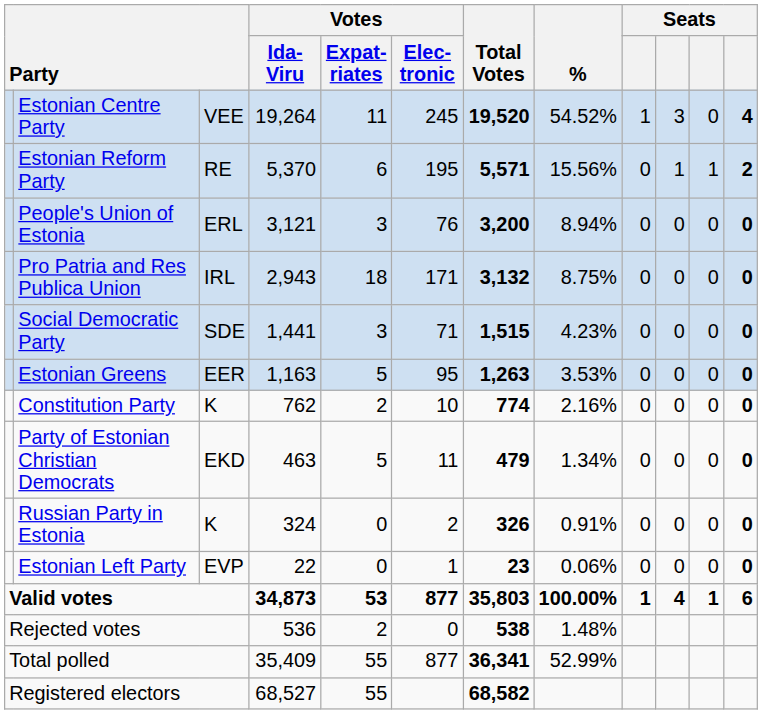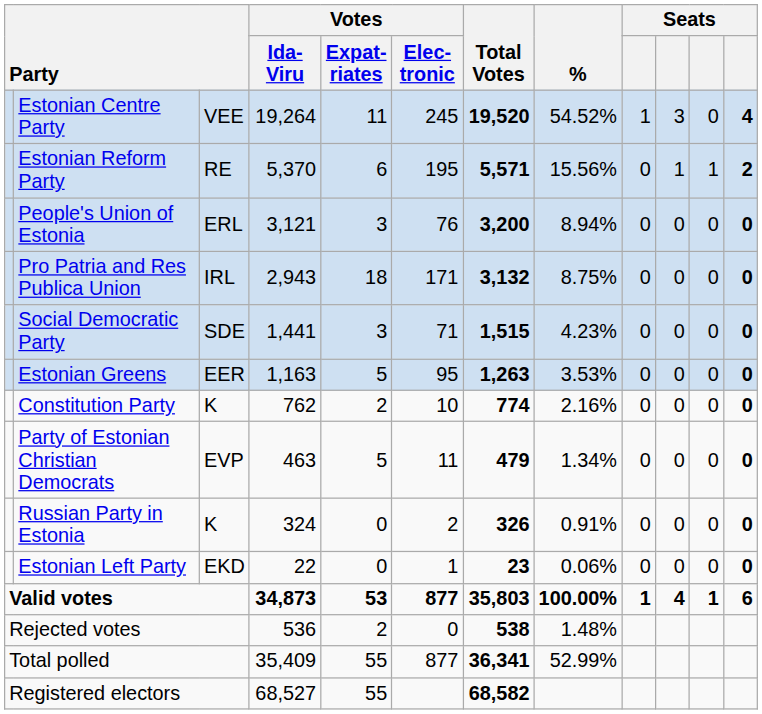 <table class="wikitable" border="1" style="text-align:right;">
 <tr>
 <th style="text-align:left;" valign=bottom rowspan=2 colspan=3>Party</th>
 <th colspan=3>Votes</th>
 <th align=center valign=bottom rowspan=2 width="50">Total Votes</th>
 <th align=center valign=bottom rowspan=2 width="50">%</th>
 <th colspan=4>Seats</th>
 </tr>
 <tr>
 <th align=center valign=bottom width="50"><a href='#'>Ida- Viru</a></th>
 <th align=center valign=bottom width="50"><a href='#'>Expat- riates</a></th>
 <th align=center valign=bottom width="50"><a href='#'>Elec- tronic</a></th>
 <th align=center valign=bottom width="20"><small></small></th>
 <th align=center valign=bottom width="20"><small></small></th>
 <th align=center valign=bottom width="20"><small></small></th>
 <th align=center valign=bottom width="20"><small></small></th>
 </tr>
 <tr style="background:#CEE0F2;">
 <td style="background:"></td>
 <td align=left><a href='#'>Estonian Centre Party</a></td>
 <td align=left>VEE</td>
 <td>19,264</td>
 <td>11</td>
 <td>245</td>
 <td><strong>19,520</strong></td>
 <td>54.52%</td>
 <td>1</td>
 <td>3</td>
 <td>0</td>
 <td><strong>4</strong></td>
 </tr>
 <tr style="background:#CEE0F2;">
 <td style="background:"></td>
 <td align=left><a href='#'>Estonian Reform Party</a></td>
 <td align=left>RE</td>
 <td>5,370</td>
 <td>6</td>
 <td>195</td>
 <td><strong>5,571</strong></td>
 <td>15.56%</td>
 <td>0</td>
 <td>1</td>
 <td>1</td>
 <td><strong>2</strong></td>
 </tr>
 <tr style="background:#CEE0F2;">
 <td style="background:"></td>
 <td align=left><a href='#'>People's Union of Estonia</a></td>
 <td align=left>ERL</td>
 <td>3,121</td>
 <td>3</td>
 <td>76</td>
 <td><strong>3,200</strong></td>
 <td>8.94%</td>
 <td>0</td>
 <td>0</td>
 <td>0</td>
 <td><strong>0</strong></td>
 </tr>
 <tr style="background:#CEE0F2;">
 <td style="background:"></td>
 <td align=left><a href='#'>Pro Patria and Res Publica Union</a></td>
 <td align=left>IRL</td>
 <td>2,943</td>
 <td>18</td>
 <td>171</td>
 <td><strong>3,132</strong></td>
 <td>8.75%</td>
 <td>0</td>
 <td>0</td>
 <td>0</td>
 <td><strong>0</strong></td>
 </tr>
 <tr style="background:#CEE0F2;">
 <td style="background:"></td>
 <td align=left><a href='#'>Social Democratic Party</a></td>
 <td align=left>SDE</td>
 <td>1,441</td>
 <td>3</td>
 <td>71</td>
 <td><strong>1,515</strong></td>
 <td>4.23%</td>
 <td>0</td>
 <td>0</td>
 <td>0</td>
 <td><strong>0</strong></td>
 </tr>
 <tr style="background:#CEE0F2;">
 <td style="background:"></td>
 <td align=left><a href='#'>Estonian Greens</a></td>
 <td align=left>EER</td>
 <td>1,163</td>
 <td>5</td>
 <td>95</td>
 <td><strong>1,263</strong></td>
 <td>3.53%</td>
 <td>0</td>
 <td>0</td>
 <td>0</td>
 <td><strong>0</strong></td>
 </tr>
 <tr>
 <td style="background:"></td>
 <td align=left><a href='#'>Constitution Party</a></td>
 <td align=left>K</td>
 <td>762</td>
 <td>2</td>
 <td>10</td>
 <td><strong>774</strong></td>
 <td>2.16%</td>
 <td>0</td>
 <td>0</td>
 <td>0</td>
 <td><strong>0</strong></td>
 </tr>
 <tr>
 <td style="background:"></td>
 <td align=left><a href='#'>Party of Estonian Christian Democrats</a></td>
-<td align=left>EKD</td>
+<td align=left>EVP</td>
 <td>463</td>
 <td>5</td>
 <td>11</td>
 <td><strong>479</strong></td>
 <td>1.34%</td>
 <td>0</td>
 <td>0</td>
 <td>0</td>
 <td><strong>0</strong></td>
 </tr>
 <tr>
 <td></td>
 <td align=left><a href='#'>Russian Party in Estonia</a></td>
 <td align=left>K</td>
 <td>324</td>
 <td>0</td>
 <td>2</td>
 <td><strong>326</strong></td>
 <td>0.91%</td>
 <td>0</td>
 <td>0</td>
 <td>0</td>
 <td><strong>0</strong></td>
 </tr>
 <tr>
 <td style="background:"></td>
 <td align=left><a href='#'>Estonian Left Party</a></td>
-<td align=left>EVP</td>
+<td align=left>EKD</td>
 <td>22</td>
 <td>0</td>
 <td>1</td>
 <td><strong>23</strong></td>
 <td>0.06%</td>
 <td>0</td>
 <td>0</td>
 <td>0</td>
 <td><strong>0</strong></td>
 </tr>
 <tr style="font-weight:bold">
 <td align=left colspan=3>Valid votes</td>
 <td>34,873</td>
 <td>53</td>
 <td>877</td>
 <td><strong>35,803</strong></td>
 <td>100.00%</td>
 <td>1</td>
 <td>4</td>
 <td>1</td>
 <td>6</td>
 </tr>
 <tr>
 <td align=left colspan=3>Rejected votes</td>
 <td>536</td>
 <td>2</td>
 <td>0</td>
 <td><strong>538</strong></td>
 <td>1.48%</td>
 <td></td>
 <td></td>
 <td></td>
 <td></td>
 </tr>
 <tr>
 <td align=left colspan=3>Total polled</td>
 <td>35,409</td>
 <td>55</td>
 <td>877</td>
 <td><strong>36,341</strong></td>
 <td>52.99%</td>
 <td></td>
 <td></td>
 <td></td>
 <td></td>
 </tr>
 <tr>
 <td align=left colspan=3>Registered electors</td>
 <td>68,527</td>
 <td>55</td>
 <td></td>
 <td><strong>68,582</strong></td>
 <td></td>
 <td></td>
 <td></td>
 <td></td>
 <td></td>
 </tr>
 </table>
